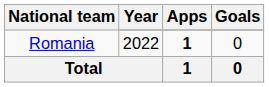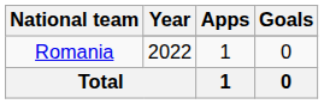 <table class="wikitable" style="text-align: center;">
 <tr>
 <th>National team</th>
 <th>Year</th>
 <th>Apps</th>
 <th>Goals</th>
 </tr>
 <tr>
 <td rowspan="2"><a href='#'>Romania</a></td>
 </tr>
 <tr>
 <td>2022</td>
-<td><strong>1</strong></td>
+<td>1</td>
 <td>0</td>
 </tr>
 <tr>
 <th colspan=2>Total</th>
 <th>1</th>
 <th>0</th>
 </tr>
 </table>
